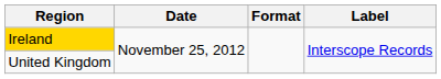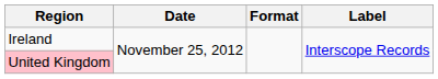 <table class=wikitable>
 <tr>
 <th>Region</th>
 <th>Date</th>
 <th>Format</th>
 <th>Label</th>
 </tr>
 <tr>
-<td style="background: gold;">Ireland</td>
+<td>Ireland</td>
 <td rowspan="2">November 25, 2012</td>
 <td rowspan="2"></td>
 <td rowspan="2"><a href='#'>Interscope Records</a></td>
 </tr>
 <tr>
-<td>United Kingdom</td>
+<td style="background: pink;">United Kingdom</td>
 </tr>
 </table>
